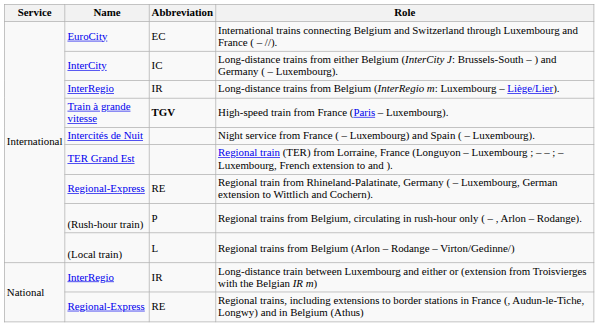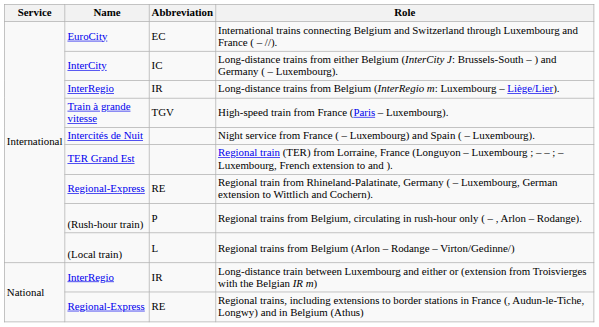 <table class="wikitable">
 <tr>
 <th>Service</th>
 <th>Name</th>
 <th>Abbreviation</th>
 <th>Role</th>
 </tr>
 <tr>
 <td rowspan="9">International</td>
 <td><a href='#'>EuroCity</a></td>
 <td>EC</td>
 <td>International trains connecting Belgium and Switzerland through Luxembourg and France ( – //).</td>
 </tr>
 <tr>
 <td><a href='#'>InterCity</a></td>
 <td>IC</td>
 <td>Long-distance trains from either Belgium (<em>InterCity J</em>: Brussels-South – ) and Germany ( – Luxembourg).</td>
 </tr>
 <tr>
 <td><a href='#'>InterRegio</a></td>
 <td>IR</td>
 <td>Long-distance trains from Belgium (<em>InterRegio m</em>: Luxembourg – <a href='#'>Liège/Lier</a>).</td>
 </tr>
 <tr>
 <td><a href='#'>Train à grande vitesse</a></td>
-<td><strong>TGV</strong></td>
+<td>TGV</td>
 <td>High-speed train from France (<a href='#'>Paris</a> – Luxembourg).</td>
 </tr>
 <tr>
 <td><a href='#'>Intercités de Nuit</a></td>
 <td></td>
 <td>Night service from France ( – Luxembourg) and Spain ( – Luxembourg).</td>
 </tr>
 <tr>
 <td><a href='#'>TER Grand Est</a></td>
 <td></td>
 <td><a href='#'>Regional train</a> (TER) from Lorraine, France (Longuyon – Luxembourg ;  –  – ;  – Luxembourg, French extension to  and ).</td>
 </tr>
 <tr>
 <td><a href='#'>Regional-Express</a></td>
 <td>RE</td>
 <td>Regional train from Rhineland-Palatinate, Germany ( – Luxembourg, German extension to Wittlich and Cochern).</td>
 </tr>
 <tr>
 <td><br>(Rush-hour train)</td>
 <td>P</td>
 <td>Regional trains from Belgium, circulating in rush-hour only ( – , Arlon – Rodange).</td>
 </tr>
 <tr>
 <td><br>(Local train)</td>
 <td>L</td>
 <td>Regional trains from Belgium (Arlon – Rodange – Virton/Gedinne/)</td>
 </tr>
 <tr>
 <td rowspan="2">National</td>
 <td><a href='#'>InterRegio</a></td>
 <td>IR</td>
 <td>Long-distance train between Luxembourg and either  or  (extension from Troisvierges with the Belgian <em>IR m</em>)</td>
 </tr>
 <tr>
 <td><a href='#'>Regional-Express</a></td>
 <td>RE</td>
 <td>Regional trains, including extensions to border stations in France (, Audun-le-Tiche, Longwy) and in Belgium (Athus)</td>
 </tr>
 </table>
